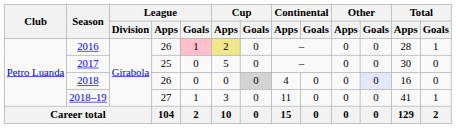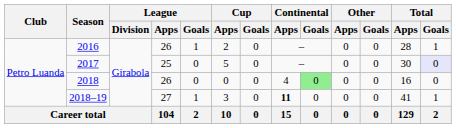 <table class="wikitable" style="text-align: center">
 <tr>
 <th rowspan="2">Club</th>
 <th rowspan="2">Season</th>
 <th colspan="3">League</th>
 <th colspan="2">Cup</th>
 <th colspan="2">Continental</th>
 <th colspan="2">Other</th>
 <th colspan="2">Total</th>
 </tr>
 <tr>
 <th>Division</th>
 <th>Apps</th>
 <th>Goals</th>
 <th>Apps</th>
 <th>Goals</th>
 <th>Apps</th>
 <th>Goals</th>
 <th>Apps</th>
 <th>Goals</th>
 <th>Apps</th>
 <th>Goals</th>
 </tr>
 <tr>
 <td rowspan="4"><a href='#'>Petro Luanda</a></td>
 <td><a href='#'>2016</a></td>
 <td rowspan="4"><a href='#'>Girabola</a></td>
 <td>26</td>
-<td style="background: pink;">1</td>
-<td style="background: khaki;">2</td>
+<td>1</td>
+<td>2</td>
 <td>0</td>
 <td colspan="2">–</td>
 <td>0</td>
 <td>0</td>
 <td>28</td>
 <td>1</td>
 </tr>
 <tr>
 <td><a href='#'>2017</a></td>
 <td>25</td>
 <td>0</td>
 <td>5</td>
 <td>0</td>
 <td colspan="2">–</td>
 <td>0</td>
 <td>0</td>
 <td>30</td>
-<td>0</td>
+<td style="background: lavender;">0</td>
 </tr>
 <tr>
 <td><a href='#'>2018</a></td>
 <td>26</td>
 <td>0</td>
 <td>0</td>
-<td style="background: lightgrey;">0</td>
+<td>0</td>
 <td>4</td>
+<td style="background: lightgreen;">0</td>
 <td>0</td>
 <td>0</td>
-<td style="background: lavender;">0</td>
 <td>16</td>
 <td>0</td>
 </tr>
 <tr>
 <td><a href='#'>2018–19</a></td>
 <td>27</td>
 <td>1</td>
 <td>3</td>
 <td>0</td>
-<td>11</td>
+<td><strong>11</strong></td>
 <td>0</td>
 <td>0</td>
 <td>0</td>
 <td>41</td>
 <td>1</td>
 </tr>
 <tr>
 <th colspan="3"><strong>Career total</strong></th>
 <th>104</th>
 <th>2</th>
 <th>10</th>
 <th>0</th>
 <th>15</th>
 <th>0</th>
 <th>0</th>
 <th>0</th>
 <th>129</th>
 <th>2</th>
 </tr>
 </table>
